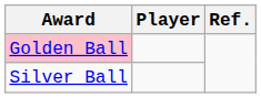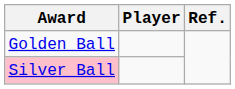 <table class="wikitable">
 <tr>
 <th>Award</th>
 <th>Player</th>
 <th>Ref.</th>
 </tr>
 <tr>
-<td style="background: pink;"><a href='#'>Golden Ball</a></td>
+<td><a href='#'>Golden Ball</a></td>
 <td></td>
 <td rowspan="2"></td>
 </tr>
 <tr>
-<td><a href='#'>Silver Ball</a></td>
+<td style="background: pink;"><a href='#'>Silver Ball</a></td>
 <td></td>
 </tr>
 </table>
